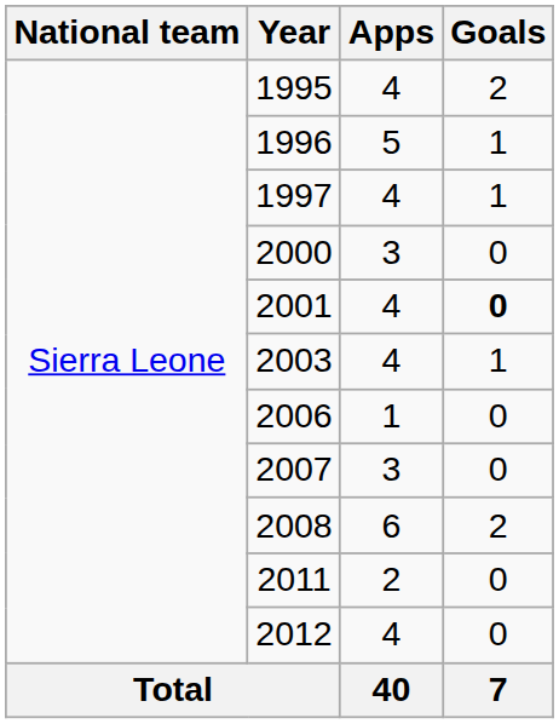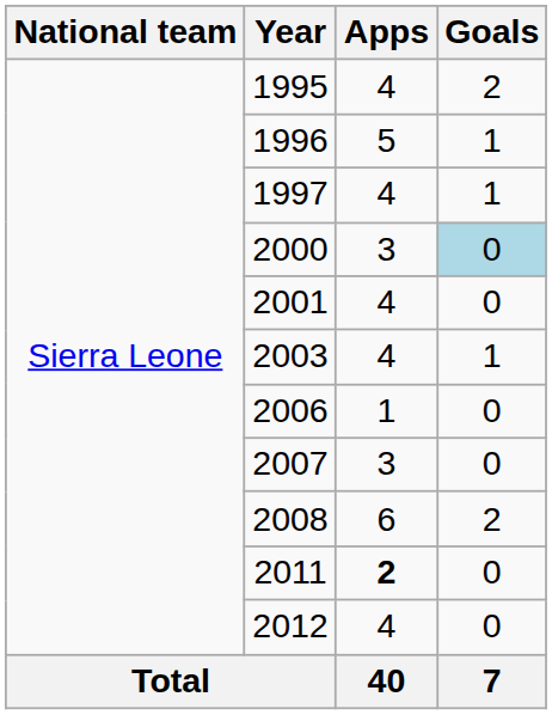 <table class="wikitable" style="text-align:center">
 <tr>
 <th>National team</th>
 <th>Year</th>
 <th>Apps</th>
 <th>Goals</th>
 </tr>
 <tr>
 <td rowspan="11"><a href='#'>Sierra Leone</a></td>
 <td>1995</td>
 <td>4</td>
 <td>2</td>
 </tr>
 <tr>
 <td>1996</td>
 <td>5</td>
 <td>1</td>
 </tr>
 <tr>
 <td>1997</td>
 <td>4</td>
 <td>1</td>
 </tr>
 <tr>
 <td>2000</td>
 <td>3</td>
-<td>0</td>
+<td style="background: lightblue;">0</td>
 </tr>
 <tr>
 <td>2001</td>
 <td>4</td>
-<td><strong>0</strong></td>
+<td>0</td>
 </tr>
 <tr>
 <td>2003</td>
 <td>4</td>
 <td>1</td>
 </tr>
 <tr>
 <td>2006</td>
 <td>1</td>
 <td>0</td>
 </tr>
 <tr>
 <td>2007</td>
 <td>3</td>
 <td>0</td>
 </tr>
 <tr>
 <td>2008</td>
 <td>6</td>
 <td>2</td>
 </tr>
 <tr>
 <td>2011</td>
-<td>2</td>
+<td><strong>2</strong></td>
 <td>0</td>
 </tr>
 <tr>
 <td>2012</td>
 <td>4</td>
 <td>0</td>
 </tr>
 <tr>
 <th colspan="2">Total</th>
 <th>40</th>
 <th>7</th>
 </tr>
 </table>
